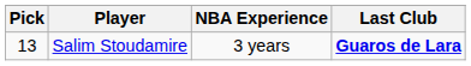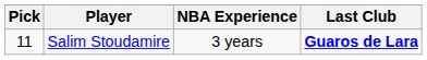 <table class="wikitable sortable sortable">
 <tr>
 </tr>
 <tr style="text-align: center">
 <th>Pick</th>
 <th>Player</th>
 <th>NBA Experience</th>
 <th>Last Club</th>
 </tr>
 <tr style="text-align: center">
-<td>13</td>
+<td>11</td>
 <td><a href='#'>Salim Stoudamire</a></td>
 <td>3 years</td>
 <td><strong> <a href='#'>Guaros de Lara</a></strong></td>
 </tr>
 </table>
